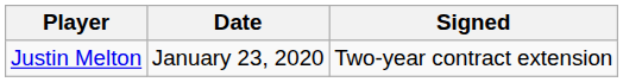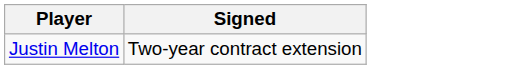 <table class="wikitable sortable sortable">
 <tr>
 <th>Player</th>
-<th>Date</th>
 <th>Signed</th>
 </tr>
 <tr style="text-align: center">
 <td><a href='#'>Justin Melton</a></td>
-<td>January 23, 2020</td>
 <td>Two-year contract extension</td>
 </tr>
 </table>
